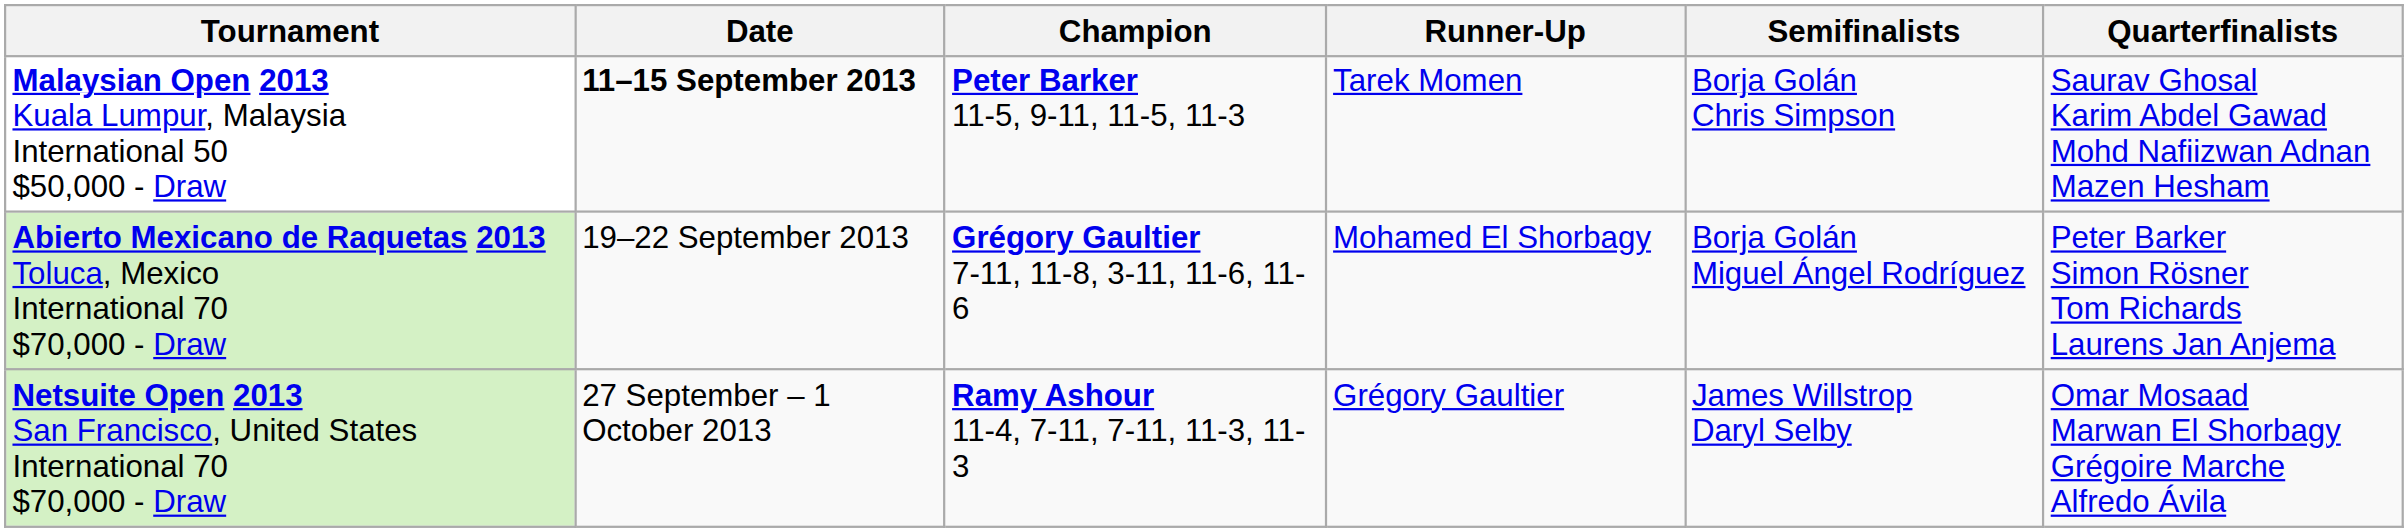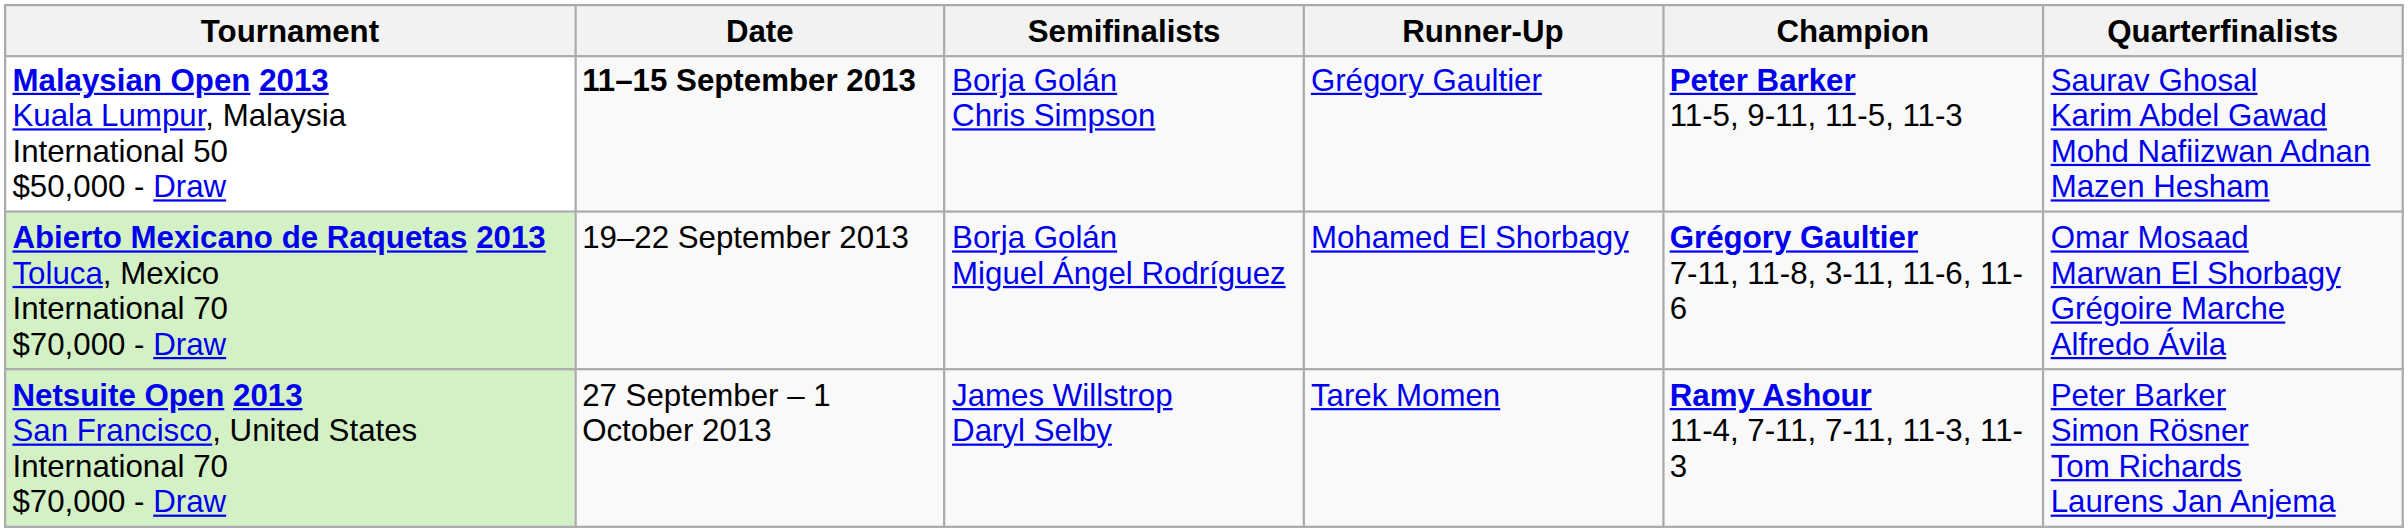 <table class="wikitable" style="font-size:88%">
 <tr>
 <th width=250>Tournament</th>
 <th width=160>Date</th>
+<th width=155>Semifinalists</th>
+<th width=155>Runner-Up</th>
 <th width=165>Champion</th>
-<th width=155>Runner-Up</th>
-<th width=155>Semifinalists</th>
 <th width=155>Quarterfinalists</th>
 </tr>
 <tr valign=top>
 <td style="background:#fff;"><strong><a href='#'>Malaysian Open</a> <a href='#'>2013</a></strong><br> <a href='#'>Kuala Lumpur</a>, Malaysia<br>International 50<br>$50,000 - <a href='#'>Draw</a></td>
 <td><strong>11–15 September 2013</strong></td>
+<td> <a href='#'>Borja Golán</a><br> <a href='#'>Chris Simpson</a></td>
+<td> <a href='#'>Grégory Gaultier</a></td>
 <td> <strong><a href='#'>Peter Barker</a></strong><br>11-5, 9-11, 11-5, 11-3</td>
-<td> <a href='#'>Tarek Momen</a></td>
-<td> <a href='#'>Borja Golán</a><br> <a href='#'>Chris Simpson</a></td>
 <td> <a href='#'>Saurav Ghosal</a><br> <a href='#'>Karim Abdel Gawad</a><br> <a href='#'>Mohd Nafiizwan Adnan</a><br> <a href='#'>Mazen Hesham</a></td>
 </tr>
 <tr valign=top>
 <td style="background:#D4F1C5;"><strong><a href='#'>Abierto Mexicano de Raquetas</a> <a href='#'>2013</a></strong><br> <a href='#'>Toluca</a>, Mexico<br>International 70<br>$70,000 - <a href='#'>Draw</a></td>
 <td>19–22 September 2013</td>
+<td> <a href='#'>Borja Golán</a><br>  <a href='#'>Miguel Ángel Rodríguez</a></td>
+<td> <a href='#'>Mohamed El Shorbagy</a></td>
 <td> <strong><a href='#'>Grégory Gaultier</a></strong><br>7-11, 11-8, 3-11, 11-6, 11-6</td>
-<td> <a href='#'>Mohamed El Shorbagy</a></td>
-<td> <a href='#'>Borja Golán</a><br>  <a href='#'>Miguel Ángel Rodríguez</a></td>
-<td> <a href='#'>Peter Barker</a><br> <a href='#'>Simon Rösner</a><br> <a href='#'>Tom Richards</a><br> <a href='#'>Laurens Jan Anjema</a></td>
+<td> <a href='#'>Omar Mosaad</a><br> <a href='#'>Marwan El Shorbagy</a><br> <a href='#'>Grégoire Marche</a><br> <a href='#'>Alfredo Ávila</a></td>
 </tr>
 <tr valign=top>
 <td style="background:#D4F1C5;"><strong><a href='#'>Netsuite Open</a> <a href='#'>2013</a></strong><br> <a href='#'>San Francisco</a>, United States<br>International 70<br>$70,000 - <a href='#'>Draw</a></td>
 <td>27 September – 1 October 2013</td>
+<td> <a href='#'>James Willstrop</a><br> <a href='#'>Daryl Selby</a></td>
+<td> <a href='#'>Tarek Momen</a></td>
 <td> <strong><a href='#'>Ramy Ashour</a></strong><br>11-4, 7-11, 7-11, 11-3, 11-3</td>
-<td> <a href='#'>Grégory Gaultier</a></td>
-<td> <a href='#'>James Willstrop</a><br> <a href='#'>Daryl Selby</a></td>
-<td> <a href='#'>Omar Mosaad</a><br> <a href='#'>Marwan El Shorbagy</a><br> <a href='#'>Grégoire Marche</a><br> <a href='#'>Alfredo Ávila</a></td>
+<td> <a href='#'>Peter Barker</a><br> <a href='#'>Simon Rösner</a><br> <a href='#'>Tom Richards</a><br> <a href='#'>Laurens Jan Anjema</a></td>
 </tr>
 </table>
